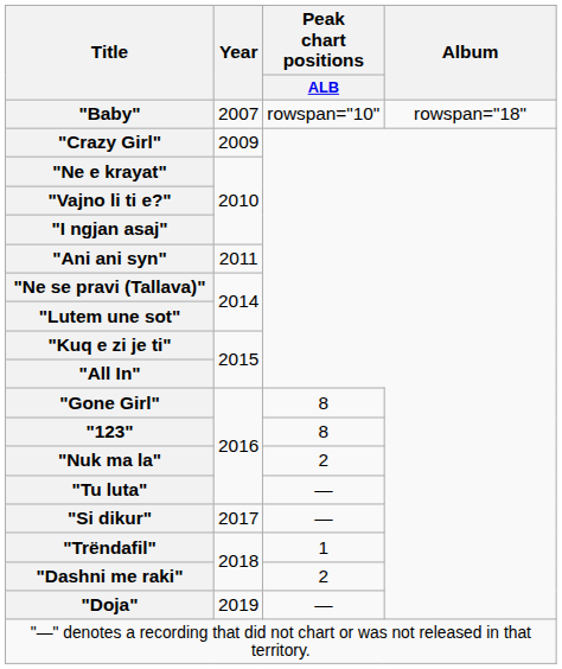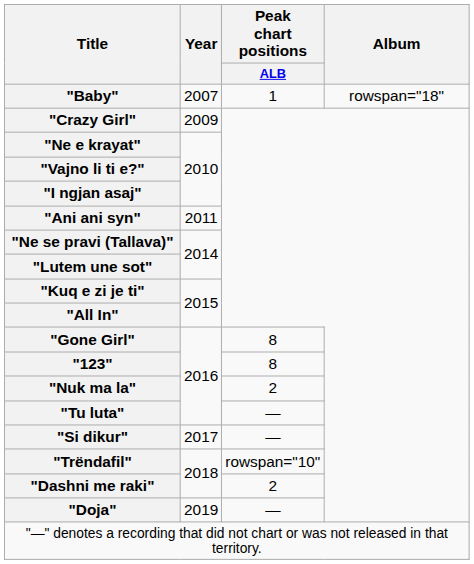 <table class="wikitable plainrowheaders" style="text-align:center;">
 <tr>
 <th scope="col" rowspan="2" style="width:11em;">Title</th>
 <th scope="col" rowspan="2" style="width:2em;">Year</th>
 <th scope="col" colspan="1">Peak<br>chart<br>positions</th>
 <th scope="col" rowspan="2" style="width:9em;">Album</th>
 </tr>
 <tr>
 <th style="width:40px; font-size:smaller;"><a href='#'>ALB</a><br></th>
 </tr>
 <tr>
 <th scope="row">"Baby"<br></th>
 <td rowspan="1">2007</td>
-<td>rowspan="10" </td>
+<td>1</td>
 <td>rowspan="18" </td>
 </tr>
 <tr>
 <th scope="row">"Crazy Girl"<br></th>
 <td rowspan="1">2009</td>
 </tr>
 <tr>
 <th scope="row">"Ne e krayat"<br></th>
 <td rowspan="3">2010</td>
 </tr>
 <tr>
 <th scope="row">"Vajno li ti e?"<br></th>
 </tr>
 <tr>
 <th scope="row">"I ngjan asaj"<br></th>
 </tr>
 <tr>
 <th scope="row">"Ani ani syn"<br></th>
 <td>2011</td>
 </tr>
 <tr>
 <th scope="row">"Ne se pravi (Tallava)"<br></th>
 <td rowspan="2">2014</td>
 </tr>
 <tr>
 <th scope="row">"Lutem une sot"<br></th>
 </tr>
 <tr>
 <th scope="row">"Kuq e zi je ti"<br></th>
 <td rowspan="2">2015</td>
 </tr>
 <tr>
 <th scope="row">"All In"<br></th>
 </tr>
 <tr>
 <th scope="row">"Gone Girl"<br></th>
 <td rowspan="4">2016</td>
 <td>8</td>
 </tr>
 <tr>
 <th scope="row">"123"<br></th>
 <td>8</td>
 </tr>
 <tr>
 <th scope="row">"Nuk ma la"<br></th>
 <td>2</td>
 </tr>
 <tr>
 <th scope="row">"Tu luta"<br></th>
 <td>—</td>
 </tr>
 <tr>
 <th scope="row">"Si dikur"<br></th>
 <td>2017</td>
 <td>—</td>
 </tr>
 <tr>
 <th scope="row">"Trëndafil"<br></th>
 <td rowspan="2">2018</td>
-<td>1</td>
+<td>rowspan="10" </td>
 </tr>
 <tr>
 <th scope="row">"Dashni me raki"<br></th>
 <td>2</td>
 </tr>
 <tr>
 <th scope="row">"Doja"<br></th>
 <td>2019</td>
 <td>—</td>
 </tr>
 <tr>
 <td colspan="11" style="font-size:90%">"—" denotes a recording that did not chart or was not released in that territory.</td>
 </tr>
 </table>
